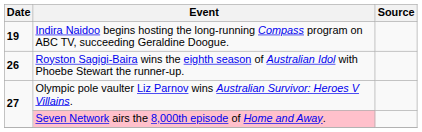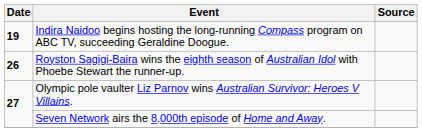 <table class="wikitable">
 <tr>
 <th>Date</th>
 <th>Event</th>
 <th>Source</th>
 </tr>
 <tr>
 <td><strong>19</strong></td>
 <td><a href='#'>Indira Naidoo</a> begins hosting the long-running <em><a href='#'>Compass</a></em> program on ABC TV, succeeding Geraldine Doogue.</td>
 <td></td>
 </tr>
 <tr>
 <td><strong>26</strong></td>
 <td><a href='#'>Royston Sagigi-Baira</a> wins the <a href='#'>eighth season</a> of <em><a href='#'>Australian Idol</a></em> with Phoebe Stewart the runner-up.</td>
 <td></td>
 </tr>
 <tr>
 <td rowspan="2"><strong>27</strong></td>
 <td>Olympic pole vaulter <a href='#'>Liz Parnov</a> wins <em><a href='#'>Australian Survivor: Heroes V Villains</a></em>.</td>
 <td></td>
 </tr>
 <tr>
-<td style="background: pink;"><a href='#'>Seven Network</a> airs the <a href='#'>8,000th episode</a> of <em><a href='#'>Home and Away</a></em>.</td>
+<td><a href='#'>Seven Network</a> airs the <a href='#'>8,000th episode</a> of <em><a href='#'>Home and Away</a></em>.</td>
 <td></td>
 </tr>
 <tr>
 </tr>
 </table>
